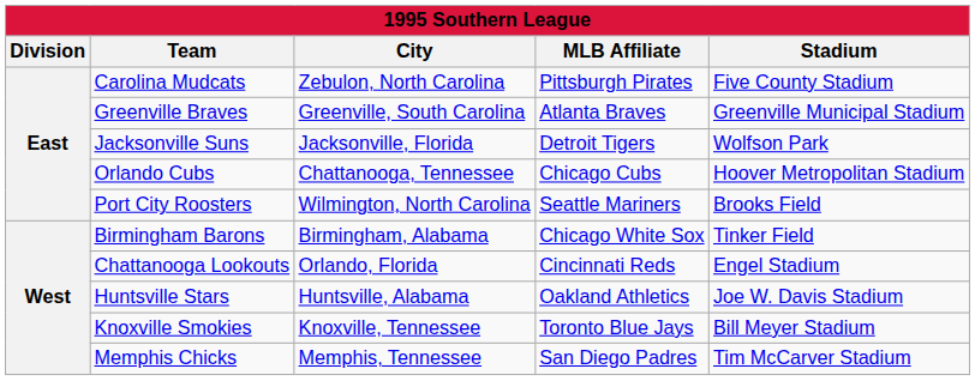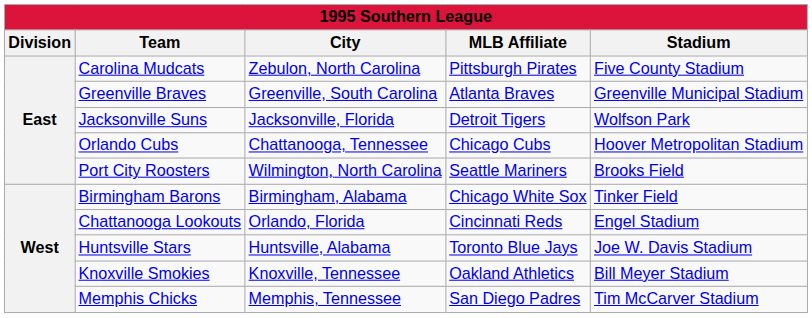 <table class="wikitable" style="width:auto">
 <tr>
 <td bgcolor="#DC143C" align="center" colspan="7"><strong><span>1995 Southern League</span></strong></td>
 </tr>
 <tr>
 <th>Division</th>
 <th>Team</th>
 <th>City</th>
 <th>MLB Affiliate</th>
 <th>Stadium</th>
 </tr>
 <tr>
 <th rowspan="5">East</th>
 <td><a href='#'>Carolina Mudcats</a></td>
 <td><a href='#'>Zebulon, North Carolina</a></td>
 <td><a href='#'>Pittsburgh Pirates</a></td>
 <td><a href='#'>Five County Stadium</a></td>
 </tr>
 <tr>
 <td><a href='#'>Greenville Braves</a></td>
 <td><a href='#'>Greenville, South Carolina</a></td>
 <td><a href='#'>Atlanta Braves</a></td>
 <td><a href='#'>Greenville Municipal Stadium</a></td>
 </tr>
 <tr>
 <td><a href='#'>Jacksonville Suns</a></td>
 <td><a href='#'>Jacksonville, Florida</a></td>
 <td><a href='#'>Detroit Tigers</a></td>
 <td><a href='#'>Wolfson Park</a></td>
 </tr>
 <tr>
 <td><a href='#'>Orlando Cubs</a></td>
 <td><a href='#'>Chattanooga, Tennessee</a></td>
 <td><a href='#'>Chicago Cubs</a></td>
 <td><a href='#'>Hoover Metropolitan Stadium</a></td>
 </tr>
 <tr>
 <td><a href='#'>Port City Roosters</a></td>
 <td><a href='#'>Wilmington, North Carolina</a></td>
 <td><a href='#'>Seattle Mariners</a></td>
 <td><a href='#'>Brooks Field</a></td>
 </tr>
 <tr>
 <th rowspan="5">West</th>
 <td><a href='#'>Birmingham Barons</a></td>
 <td><a href='#'>Birmingham, Alabama</a></td>
 <td><a href='#'>Chicago White Sox</a></td>
 <td><a href='#'>Tinker Field</a></td>
 </tr>
 <tr>
 <td><a href='#'>Chattanooga Lookouts</a></td>
 <td><a href='#'>Orlando, Florida</a></td>
 <td><a href='#'>Cincinnati Reds</a></td>
 <td><a href='#'>Engel Stadium</a></td>
 </tr>
 <tr>
 <td><a href='#'>Huntsville Stars</a></td>
 <td><a href='#'>Huntsville, Alabama</a></td>
-<td><a href='#'>Oakland Athletics</a></td>
+<td><a href='#'>Toronto Blue Jays</a></td>
 <td><a href='#'>Joe W. Davis Stadium</a></td>
 </tr>
 <tr>
 <td><a href='#'>Knoxville Smokies</a></td>
 <td><a href='#'>Knoxville, Tennessee</a></td>
-<td><a href='#'>Toronto Blue Jays</a></td>
+<td><a href='#'>Oakland Athletics</a></td>
 <td><a href='#'>Bill Meyer Stadium</a></td>
 </tr>
 <tr>
 <td><a href='#'>Memphis Chicks</a></td>
 <td><a href='#'>Memphis, Tennessee</a></td>
 <td><a href='#'>San Diego Padres</a></td>
 <td><a href='#'>Tim McCarver Stadium</a></td>
 </tr>
 </table>
